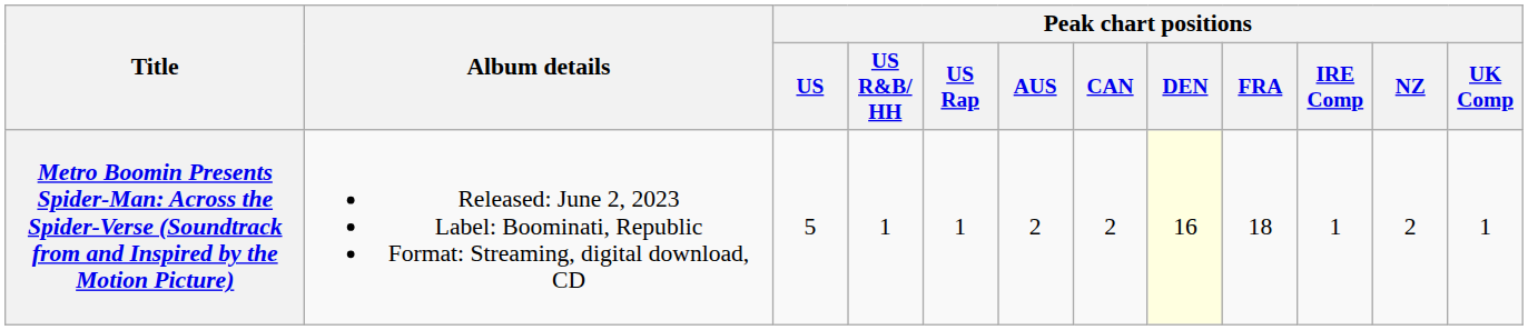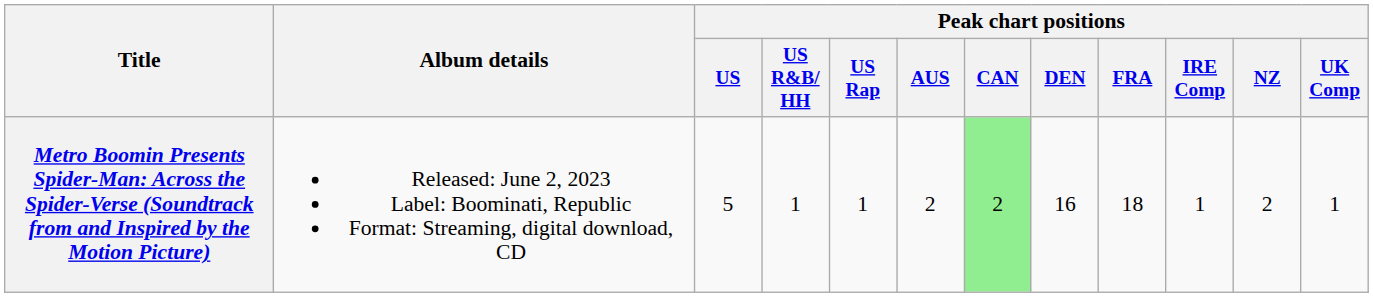 <table class="wikitable plainrowheaders" style="text-align:center;">
 <tr>
 <th rowspan="2" style="width:12em;">Title</th>
 <th rowspan="2" style="width:19em;">Album details</th>
 <th colspan="10">Peak chart positions</th>
 </tr>
 <tr>
 <th style="width:3em;font-size:90%;"><a href='#'>US</a><br></th>
 <th style="width:3em;font-size:90%;"><a href='#'>US<br>R&B/<br>HH</a><br> </th>
 <th style="width:3em;font-size:90%;"><a href='#'>US Rap</a><br></th>
 <th style="width:3em;font-size:90%;"><a href='#'>AUS</a><br></th>
 <th style="width:3em;font-size:90%;"><a href='#'>CAN</a><br></th>
 <th style="width:3em;font-size:90%;"><a href='#'>DEN</a><br></th>
 <th style="width:3em;font-size:90%;"><a href='#'>FRA</a><br></th>
 <th style="width:3em;font-size:90%;"><a href='#'>IRE<br>Comp</a><br></th>
 <th style="width:3em;font-size:90%;"><a href='#'>NZ</a><br></th>
 <th style="width:3em;font-size:90%;"><a href='#'>UK<br>Comp</a><br></th>
 </tr>
 <tr>
 <th scope="row"><em><a href='#'> Metro Boomin Presents Spider-Man: Across the Spider-Verse (Soundtrack from and Inspired by the Motion Picture)</a></em></th>
 <td><br><ul><li>Released: June 2, 2023</li><li>Label: Boominati, Republic</li><li>Format: Streaming, digital download, CD</li></ul></td>
 <td>5</td>
 <td>1</td>
 <td>1</td>
 <td>2</td>
-<td>2</td>
-<td style="background: lightyellow;">16</td>
+<td style="background: lightgreen;">2</td>
+<td>16</td>
 <td>18</td>
 <td>1</td>
 <td>2</td>
 <td>1</td>
 </tr>
 </table>
